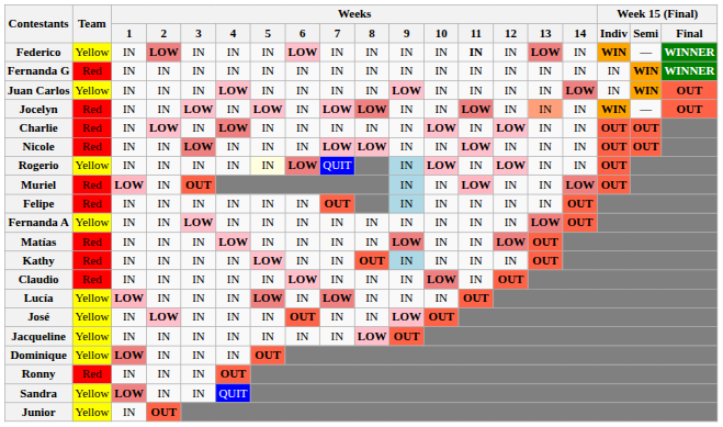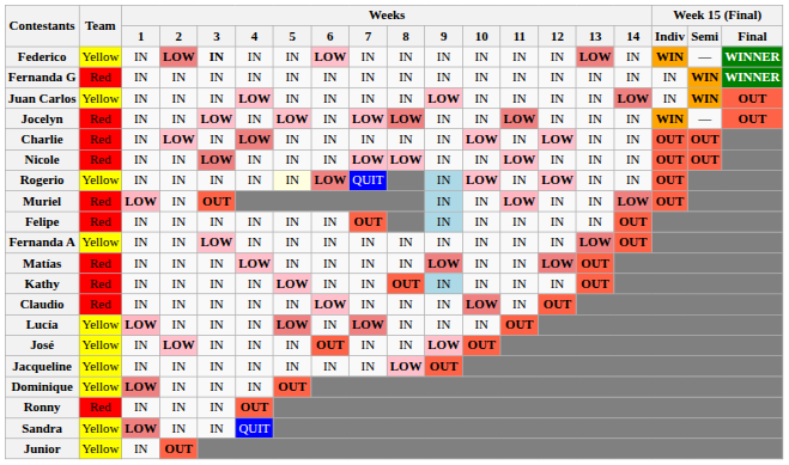 <table class="wikitable" style="text-align:center">
 <tr>
 <th rowspan=2>Contestants</th>
 <th rowspan=2>Team</th>
 <th colspan=14>Weeks</th>
 <th colspan=3>Week 15 (Final)</th>
 </tr>
 <tr>
 <th width="10px">1</th>
 <th width="20px">2</th>
 <th width="20px">3</th>
 <th width="20px">4</th>
 <th width="20px">5</th>
 <th width="20px">6</th>
 <th width="20px">7</th>
 <th width="20px">8</th>
 <th width="20px">9</th>
 <th width="20px">10</th>
 <th width="20px">11</th>
 <th width="20px">12</th>
 <th width="20px">13</th>
 <th width="20px">14</th>
 <th width="20px">Indiv</th>
 <th width="20px">Semi</th>
 <th width="20px">Final</th>
 </tr>
 <tr>
 <th>Federico</th>
 <td style="background:yellow">Yellow</td>
 <td>IN</td>
 <td style="background:LightCoral"><strong>LOW</strong></td>
-<td>IN</td>
+<td><strong>IN</strong></td>
 <td>IN</td>
 <td>IN</td>
 <td style="background:pink"><strong>LOW</strong></td>
 <td>IN</td>
 <td>IN</td>
 <td>IN</td>
 <td>IN</td>
-<td><strong>IN</strong></td>
+<td>IN</td>
 <td>IN</td>
 <td style="background:LightCoral"><strong>LOW</strong></td>
 <td>IN</td>
 <td style="background:Orange"><strong>WIN</strong></td>
 <td>—</td>
 <td style="background:Green; color:white;"><strong>WINNER</strong></td>
 </tr>
 <tr>
 <th>Fernanda G</th>
 <td style="background:red">Red</td>
 <td>IN</td>
 <td>IN</td>
 <td>IN</td>
 <td>IN</td>
 <td>IN</td>
 <td>IN</td>
 <td>IN</td>
 <td>IN</td>
 <td>IN</td>
 <td>IN</td>
 <td>IN</td>
 <td>IN</td>
 <td>IN</td>
 <td>IN</td>
 <td>IN</td>
 <td style="background:Orange"><strong>WIN</strong></td>
 <td style="background:Green; color:white;"><strong>WINNER</strong></td>
 </tr>
 <tr>
 <th>Juan Carlos</th>
 <td style="background:yellow">Yellow</td>
 <td>IN</td>
 <td>IN</td>
 <td>IN</td>
 <td style="background:pink"><strong>LOW</strong></td>
 <td>IN</td>
 <td>IN</td>
 <td>IN</td>
 <td>IN</td>
 <td style="background:pink"><strong>LOW</strong></td>
 <td>IN</td>
 <td>IN</td>
 <td>IN</td>
 <td>IN</td>
 <td style="background:LightCoral"><strong>LOW</strong></td>
 <td>IN</td>
 <td style="background:Orange"><strong>WIN</strong></td>
 <td style="background:tomato"><strong>OUT</strong></td>
 </tr>
 <tr>
 <th>Jocelyn</th>
 <td style="background:red">Red</td>
 <td>IN</td>
 <td>IN</td>
 <td style="background:pink"><strong>LOW</strong></td>
 <td>IN</td>
 <td style="background:pink"><strong>LOW</strong></td>
 <td>IN</td>
 <td style="background:pink"><strong>LOW</strong></td>
 <td style="background:lightCoral"><strong>LOW</strong></td>
 <td>IN</td>
 <td>IN</td>
 <td style="background:lightCoral"><strong>LOW</strong></td>
 <td>IN</td>
-<td style="background: lightsalmon;">IN</td>
+<td>IN</td>
 <td>IN</td>
 <td style="background:Orange"><strong>WIN</strong></td>
 <td>—</td>
 <td style="background:tomato"><strong>OUT</strong></td>
 </tr>
 <tr>
 <th>Charlie</th>
 <td style="background:red">Red</td>
 <td>IN</td>
 <td style="background:pink"><strong>LOW</strong></td>
 <td>IN</td>
 <td style="background:LightCoral"><strong>LOW</strong></td>
 <td>IN</td>
 <td>IN</td>
 <td>IN</td>
 <td>IN</td>
 <td>IN</td>
 <td style="background:pink"><strong>LOW</strong></td>
 <td>IN</td>
 <td style="background:pink"><strong>LOW</strong></td>
 <td>IN</td>
 <td>IN</td>
 <td style="background:tomato"><strong>OUT</strong></td>
 <td style="background:tomato"><strong>OUT</strong></td>
 <td colspan=1 style="background:gray"></td>
 </tr>
 <tr>
 <th>Nicole</th>
 <td style="background:red">Red</td>
 <td>IN</td>
 <td>IN</td>
 <td style="background:LightCoral"><strong>LOW</strong></td>
 <td>IN</td>
 <td>IN</td>
 <td>IN</td>
 <td style="background:pink"><strong>LOW</strong></td>
 <td style="background:pink"><strong>LOW</strong></td>
 <td>IN</td>
 <td>IN</td>
 <td style="background:pink"><strong>LOW</strong></td>
 <td>IN</td>
 <td>IN</td>
 <td>IN</td>
 <td style="background:tomato"><strong>OUT</strong></td>
 <td style="background:tomato"><strong>OUT</strong></td>
 <td colspan=1 style="background:gray"></td>
 </tr>
 <tr>
 <th>Rogerio</th>
 <td style="background:yellow">Yellow</td>
 <td>IN</td>
 <td>IN</td>
 <td>IN</td>
 <td>IN</td>
 <td style="background: lightyellow;">IN</td>
 <td style="background:LightCoral"><strong>LOW</strong></td>
 <td style="background:BLUE; color:white;">QUIT</td>
 <td colspan=1 style="background:gray"></td>
 <td style="background:lightblue">IN</td>
 <td style="background:pink"><strong>LOW</strong></td>
 <td>IN</td>
 <td style="background:pink"><strong>LOW</strong></td>
 <td>IN</td>
 <td>IN</td>
 <td style="background:tomato"><strong>OUT</strong></td>
 <td colspan=10 style="background:gray"></td>
 </tr>
 <tr>
 <th>Muriel</th>
 <td style="background:red">Red</td>
 <td style="background:LightPink"><strong>LOW</strong></td>
 <td>IN</td>
 <td style="background:tomato"><strong>OUT</strong></td>
 <td colspan=5 style="background:gray"></td>
 <td style="background:lightblue">IN</td>
 <td>IN</td>
 <td style="background:LightPink"><strong>LOW</strong></td>
 <td>IN</td>
 <td>IN</td>
 <td style="background:LightCoral"><strong>LOW</strong></td>
 <td style="background:tomato"><strong>OUT</strong></td>
 <td colspan=10 style="background:gray"></td>
 </tr>
 <tr>
 <th>Felipe</th>
 <td style="background:red">Red</td>
 <td>IN</td>
 <td>IN</td>
 <td>IN</td>
 <td>IN</td>
 <td>IN</td>
 <td>IN</td>
 <td style="background:tomato"><strong>OUT</strong></td>
 <td colspan=1 style="background:gray"></td>
 <td style="background:lightblue">IN</td>
 <td>IN</td>
 <td>IN</td>
 <td>IN</td>
 <td>IN</td>
 <td style="background:tomato"><strong>OUT</strong></td>
 <td colspan=10 style="background:gray"></td>
 </tr>
 <tr>
 <th>Fernanda A</th>
 <td style="background:yellow">Yellow</td>
 <td>IN</td>
 <td>IN</td>
 <td style="background:pink"><strong>LOW</strong></td>
 <td>IN</td>
 <td>IN</td>
 <td>IN</td>
 <td>IN</td>
 <td>IN</td>
 <td>IN</td>
 <td>IN</td>
 <td>IN</td>
 <td>IN</td>
 <td style="background:LightCoral"><strong>LOW</strong></td>
 <td style="background:tomato"><strong>OUT</strong></td>
 <td colspan=10 style="background:gray"></td>
 </tr>
 <tr>
 <th>Matías</th>
 <td style="background:red">Red</td>
 <td>IN</td>
 <td>IN</td>
 <td>IN</td>
 <td style="background:pink"><strong>LOW</strong></td>
 <td>IN</td>
 <td>IN</td>
 <td>IN</td>
 <td>IN</td>
 <td style="background:LightCoral"><strong>LOW</strong></td>
 <td>IN</td>
 <td>IN</td>
 <td style="background:LightCoral"><strong>LOW</strong></td>
 <td style="background:tomato"><strong>OUT</strong></td>
 <td colspan=10 style="background:gray"></td>
 </tr>
 <tr>
 <th>Kathy</th>
 <td style="background:red">Red</td>
 <td>IN</td>
 <td>IN</td>
 <td>IN</td>
 <td>IN</td>
 <td style="background:pink"><strong>LOW</strong></td>
 <td>IN</td>
 <td>IN</td>
 <td style="background:tomato"><strong>OUT</strong></td>
 <td style="background:lightblue">IN</td>
 <td>IN</td>
 <td>IN</td>
 <td>IN</td>
 <td style="background:tomato"><strong>OUT</strong></td>
 <td colspan=10 style="background:gray"></td>
 </tr>
 <tr>
 <th>Claudio</th>
 <td style="background:red">Red</td>
 <td>IN</td>
 <td>IN</td>
 <td>IN</td>
 <td>IN</td>
 <td>IN</td>
 <td style="background:pink"><strong>LOW</strong></td>
 <td>IN</td>
 <td>IN</td>
 <td>IN</td>
 <td style="background:LightCoral"><strong>LOW</strong></td>
 <td>IN</td>
 <td style="background:tomato"><strong>OUT</strong></td>
 <td colspan=10 style="background:gray"></td>
 </tr>
 <tr>
 <th>Lucía</th>
 <td style="background:yellow">Yellow</td>
 <td style="background:LightPink"><strong>LOW</strong></td>
 <td>IN</td>
 <td>IN</td>
 <td>IN</td>
 <td style="background:LightCoral"><strong>LOW</strong></td>
 <td>IN</td>
 <td style="background:LightCoral"><strong>LOW</strong></td>
 <td>IN</td>
 <td>IN</td>
 <td>IN</td>
 <td style="background:tomato"><strong>OUT</strong></td>
 <td colspan=20 style="background:gray"></td>
 </tr>
 <tr>
 <th>José</th>
 <td style="background:yellow">Yellow</td>
 <td>IN</td>
 <td style="background:pink"><strong>LOW</strong></td>
 <td>IN</td>
 <td>IN</td>
 <td>IN</td>
 <td style="background:tomato"><strong>OUT</strong></td>
 <td>IN</td>
 <td>IN</td>
 <td style="background:pink"><strong>LOW</strong></td>
 <td style="background:tomato"><strong>OUT</strong></td>
 <td colspan=20 style="background:gray"></td>
 </tr>
 <tr>
 <th>Jacqueline</th>
 <td style="background:yellow">Yellow</td>
 <td>IN</td>
 <td>IN</td>
 <td>IN</td>
 <td>IN</td>
 <td>IN</td>
 <td>IN</td>
 <td>IN</td>
 <td style="background:pink"><strong>LOW</strong></td>
 <td style="background:tomato"><strong>OUT</strong></td>
 <td colspan=20 style="background:gray"></td>
 </tr>
 <tr>
 <th>Dominique</th>
 <td style="background:yellow">Yellow</td>
 <td style="background:LightCoral"><strong>LOW</strong></td>
 <td>IN</td>
 <td>IN</td>
 <td>IN</td>
 <td style="background:tomato"><strong>OUT</strong></td>
 <td colspan=20 style="background:gray"></td>
 </tr>
 <tr>
 <th>Ronny</th>
 <td style="background:red">Red</td>
 <td>IN</td>
 <td>IN</td>
 <td>IN</td>
 <td style="background:tomato"><strong>OUT</strong></td>
 <td colspan=20 style="background:gray"></td>
 </tr>
 <tr>
 <th>Sandra</th>
 <td style="background:yellow">Yellow</td>
 <td style="background:LightCoral"><strong>LOW</strong></td>
 <td>IN</td>
 <td>IN</td>
 <td style="background:BLUE; color:white;">QUIT</td>
 <td colspan=20 style="background:gray"></td>
 </tr>
 <tr>
 <th>Junior</th>
 <td style="background:yellow">Yellow</td>
 <td>IN</td>
 <td style="background:tomato"><strong>OUT</strong></td>
 <td colspan=20 style="background:gray"></td>
 </tr>
 </table>
